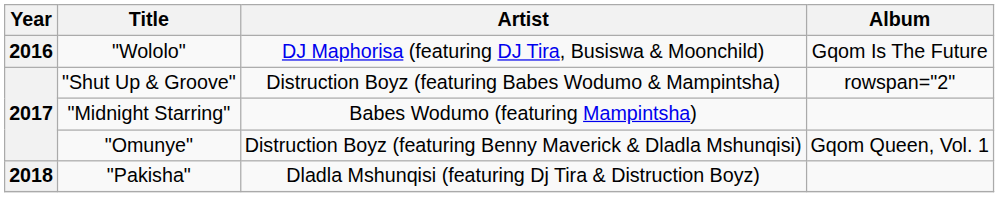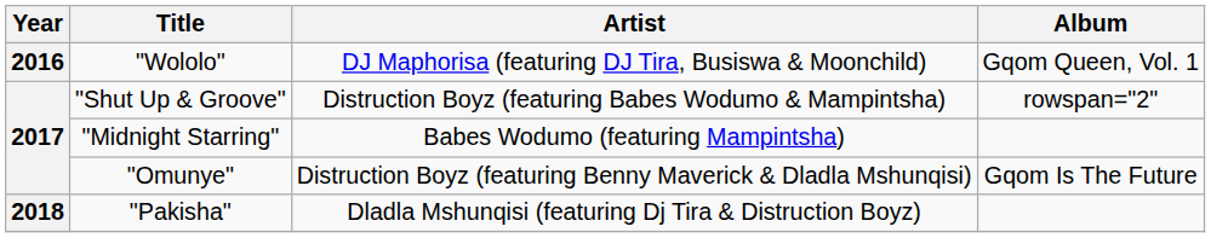 <table class="wikitable" style="text-align:center;">
 <tr>
 <th>Year</th>
 <th>Title</th>
 <th>Artist</th>
 <th>Album</th>
 </tr>
 <tr>
 <th>2016</th>
 <td>"Wololo"</td>
 <td><a href='#'>DJ Maphorisa</a> (featuring <a href='#'>DJ Tira</a>, Busiswa & Moonchild)</td>
-<td>Gqom Is The Future</td>
+<td>Gqom Queen, Vol. 1</td>
 </tr>
 <tr>
 <th rowspan="3">2017</th>
 <td>"Shut Up & Groove"</td>
 <td>Distruction Boyz (featuring Babes Wodumo & Mampintsha)</td>
 <td>rowspan="2" </td>
 </tr>
 <tr>
 <td>"Midnight Starring"</td>
 <td>Babes Wodumo (featuring <a href='#'>Mampintsha</a>)</td>
 </tr>
 <tr>
 <td>"Omunye"</td>
 <td>Distruction Boyz (featuring Benny Maverick & Dladla Mshunqisi)</td>
-<td>Gqom Queen, Vol. 1</td>
+<td>Gqom Is The Future</td>
 </tr>
 <tr>
 <th>2018</th>
 <td>"Pakisha"</td>
 <td>Dladla Mshunqisi (featuring Dj Tira & Distruction Boyz)</td>
 <td></td>
 </tr>
 <tr>
 </tr>
 </table>
